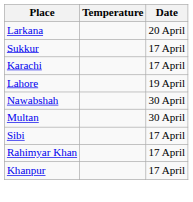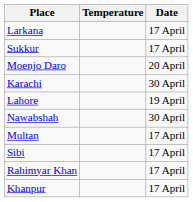 <table class="wikitable sortable">
 <tr>
 <th>Place</th>
 <th>Temperature</th>
 <th>Date</th>
 </tr>
 <tr>
 <td><a href='#'>Larkana</a></td>
 <td></td>
-<td>20 April</td>
+<td>17 April</td>
 </tr>
 <tr>
 <td><a href='#'>Sukkur</a></td>
 <td></td>
 <td>17 April</td>
 </tr>
 <tr>
+<td><a href='#'>Moenjo Daro</a></td>
+<td></td>
+<td>20 April</td>
+</tr>
+<tr>
 <td><a href='#'>Karachi</a></td>
 <td></td>
-<td>17 April</td>
+<td>30 April</td>
 </tr>
 <tr>
 <td><a href='#'>Lahore</a></td>
 <td></td>
 <td>19 April</td>
 </tr>
 <tr>
 <td><a href='#'>Nawabshah</a></td>
 <td></td>
 <td>30 April</td>
 </tr>
 <tr>
 <td><a href='#'>Multan</a></td>
 <td></td>
-<td>30 April</td>
+<td>17 April</td>
 </tr>
 <tr>
 <td><a href='#'>Sibi</a></td>
 <td></td>
 <td>17 April</td>
 </tr>
 <tr>
 <td><a href='#'>Rahimyar Khan</a></td>
 <td></td>
 <td>17 April</td>
 </tr>
 <tr>
 <td><a href='#'>Khanpur</a></td>
 <td></td>
 <td>17 April</td>
 </tr>
 </table>
